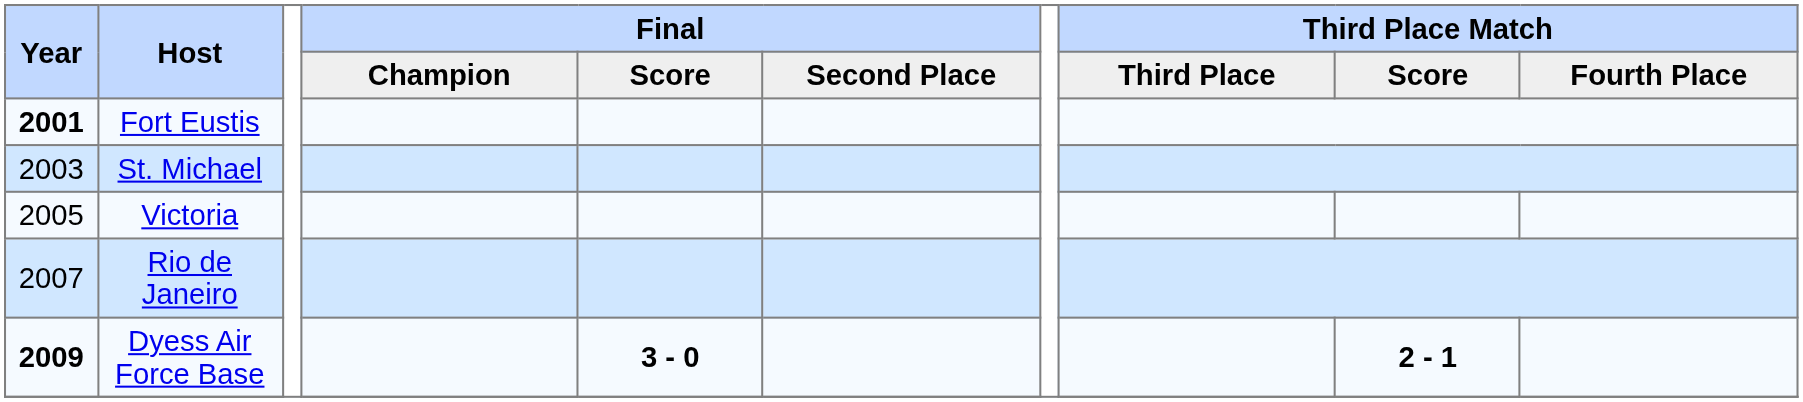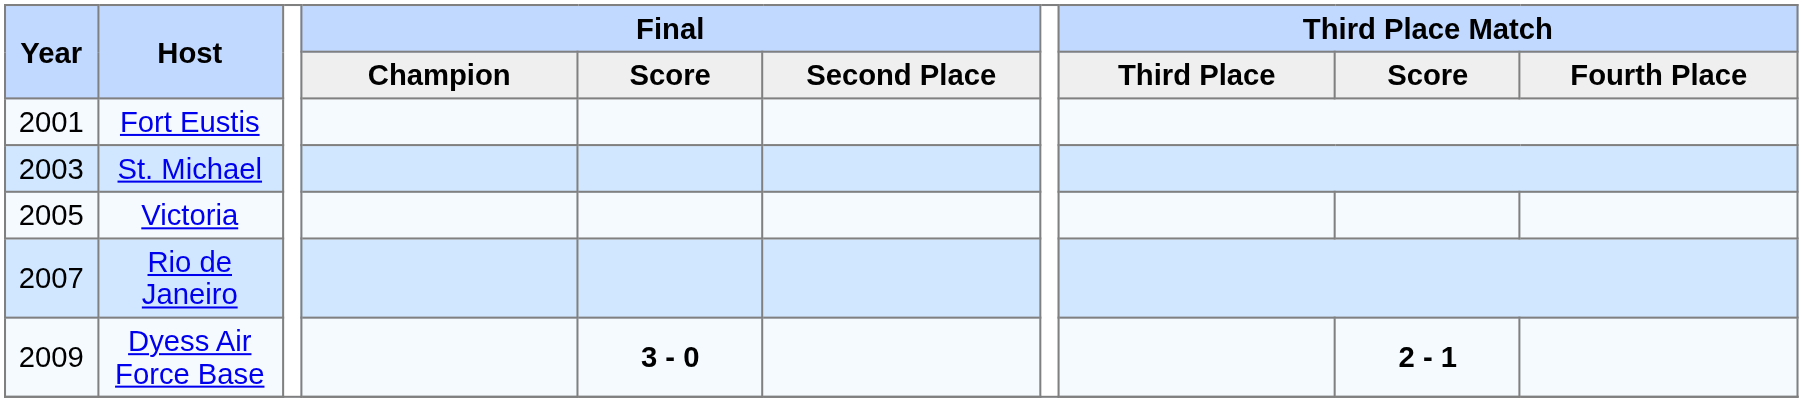 <table border=1 style="border-collapse:collapse; font-size:90%;" cellpadding=3 cellspacing=0 width=100%>
 <tr bgcolor=#C1D8FF>
 <th rowspan=2 width=5%>Year</th>
 <th rowspan=2 width=10%>Host</th>
 <th width=1% rowspan=35 bgcolor=ffffff></th>
 <th colspan=3>Final</th>
 <th width=1% rowspan=35 bgcolor=ffffff></th>
 <th colspan=3>Third Place Match</th>
 </tr>
 <tr bgcolor=#EFEFEF>
 <th width=15%>Champion</th>
 <th width=10%>Score</th>
 <th width=15%>Second Place</th>
 <th width=15%>Third Place</th>
 <th width=10%>Score</th>
 <th width=15%>Fourth Place</th>
 </tr>
 <tr align=center bgcolor=#F5FAFF>
-<td><strong>2001</strong></td>
+<td>2001</td>
 <td><a href='#'>Fort Eustis</a><br></td>
 <td><strong></strong></td>
 <td></td>
 <td></td>
 <td colspan=3></td>
 </tr>
 <tr align=center bgcolor=#D0E7FF>
 <td>2003</td>
 <td><a href='#'>St. Michael</a><br></td>
 <td><strong></strong></td>
 <td></td>
 <td></td>
 <td colspan=3></td>
 </tr>
 <tr align=center bgcolor=#F5FAFF>
 <td>2005</td>
 <td><a href='#'>Victoria</a><br></td>
 <td><strong></strong></td>
 <td></td>
 <td></td>
 <td></td>
 <td></td>
 <td></td>
 </tr>
 <tr align=center bgcolor=#D0E7FF>
 <td>2007</td>
 <td><a href='#'>Rio de Janeiro</a><br></td>
 <td><strong></strong></td>
 <td></td>
 <td></td>
 <td colspan=3></td>
 </tr>
 <tr align=center bgcolor=#F5FAFF>
-<td><strong>2009</strong></td>
+<td>2009</td>
 <td><a href='#'>Dyess Air Force Base</a><br></td>
 <td><strong></strong></td>
 <td><strong>3 - 0</strong></td>
 <td></td>
 <td></td>
 <td><strong>2 - 1</strong></td>
 <td></td>
 </tr>
 <tr align=center bgcolor=#D0E7FF>
 </tr>
 </table>
